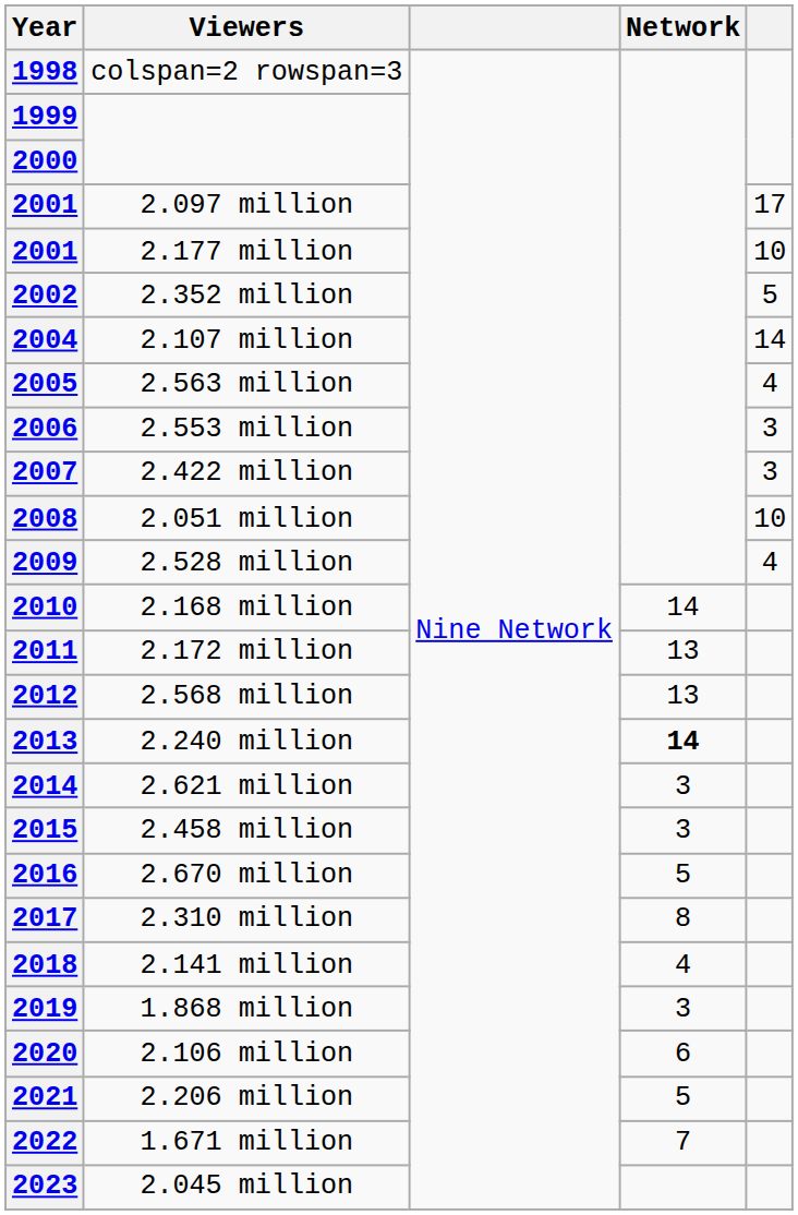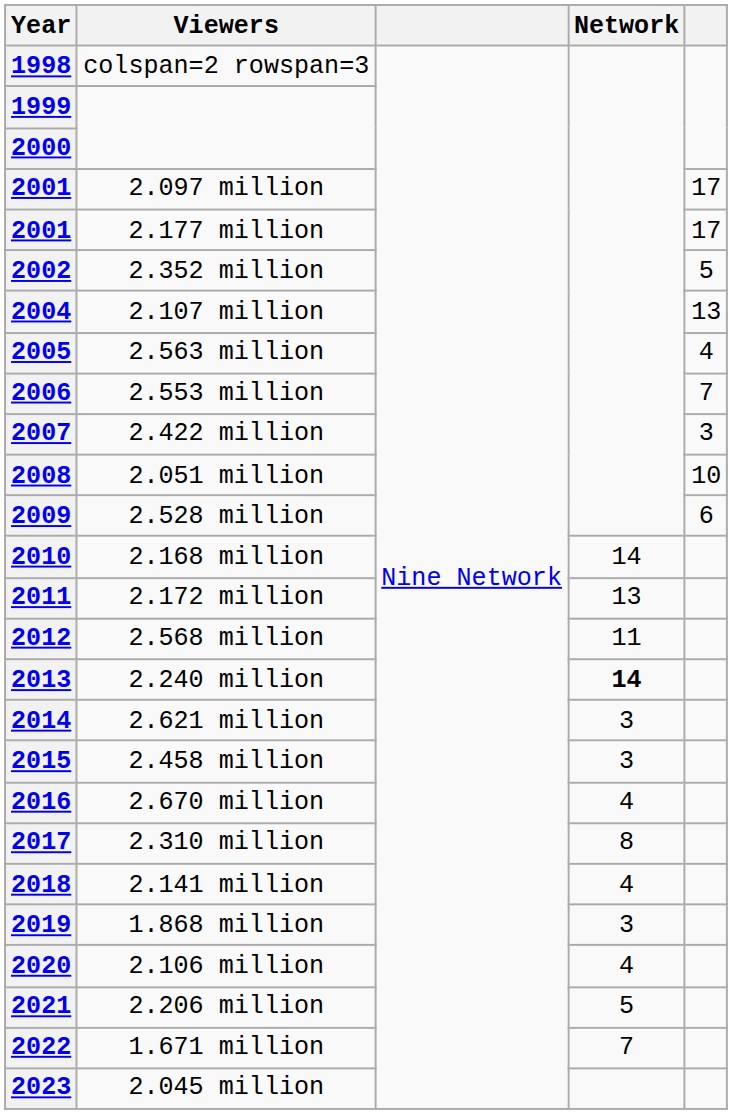 <table class="wikitable plainrowheaders sortable" style="text-align:center; margin:1em;">
 <tr>
 <th scope="col">Year</th>
 <th scope="col">Viewers</th>
 <th scope="col"></th>
 <th scope="col">Network</th>
 <th class="unsortable"></th>
 </tr>
 <tr>
 <th scope="row" style="text-align:center;"><a href='#'>1998</a></th>
 <td>colspan=2 rowspan=3 </td>
 <td rowspan="26"><a href='#'>Nine Network</a></td>
 <td rowspan="12"></td>
 </tr>
 <tr>
 <th scope="row" style="text-align:center;"><a href='#'>1999</a></th>
 </tr>
 <tr>
 <th scope="row" style="text-align:center;"><a href='#'>2000</a></th>
 </tr>
 <tr>
 <th scope="row" style="text-align:center;"><a href='#'>2001</a></th>
 <td>2.097 million</td>
 <td>17</td>
 </tr>
 <tr>
 <th scope="row" style="text-align:center;"><a href='#'>2001</a></th>
 <td>2.177 million</td>
-<td>10</td>
+<td>17</td>
 </tr>
 <tr>
 <th scope="row" style="text-align:center;"><a href='#'>2002</a></th>
 <td>2.352 million</td>
 <td>5</td>
 </tr>
 <tr>
 <th scope="row" style="text-align:center;"><a href='#'>2004</a></th>
 <td>2.107 million</td>
-<td>14</td>
+<td>13</td>
 </tr>
 <tr>
 <th scope="row" style="text-align:center;"><a href='#'>2005</a></th>
 <td>2.563 million</td>
 <td>4</td>
 </tr>
 <tr>
 <th scope="row" style="text-align:center;"><a href='#'>2006</a></th>
 <td>2.553 million</td>
-<td>3</td>
+<td>7</td>
 </tr>
 <tr>
 <th scope="row" style="text-align:center;"><a href='#'>2007</a></th>
 <td>2.422 million</td>
 <td>3</td>
 </tr>
 <tr>
 <th scope="row" style="text-align:center;"><a href='#'>2008</a></th>
 <td>2.051 million</td>
 <td>10</td>
 </tr>
 <tr>
 <th scope="row" style="text-align:center;"><a href='#'>2009</a></th>
 <td>2.528 million</td>
-<td>4</td>
+<td>6</td>
 </tr>
 <tr>
 <th scope="row" style="text-align:center;"><a href='#'>2010</a></th>
 <td>2.168 million</td>
 <td>14</td>
 <td></td>
 </tr>
 <tr>
 <th scope="row" style="text-align:center;"><a href='#'>2011</a></th>
 <td>2.172 million</td>
 <td>13</td>
 <td></td>
 </tr>
 <tr>
 <th scope="row" style="text-align:center;"><a href='#'>2012</a></th>
 <td>2.568 million</td>
-<td>13</td>
+<td>11</td>
 <td></td>
 </tr>
 <tr>
 <th scope="row" style="text-align:center;"><a href='#'>2013</a></th>
 <td>2.240 million</td>
 <td><strong>14</strong></td>
 <td></td>
 </tr>
 <tr>
 <th scope="row" style="text-align:center;"><a href='#'>2014</a></th>
 <td>2.621 million</td>
 <td>3</td>
 <td></td>
 </tr>
 <tr>
 <th scope="row" style="text-align:center;"><a href='#'>2015</a></th>
 <td>2.458 million</td>
 <td>3</td>
 <td></td>
 </tr>
 <tr>
 <th scope="row" style="text-align:center;"><a href='#'>2016</a></th>
 <td>2.670 million</td>
-<td>5</td>
+<td>4</td>
 <td></td>
 </tr>
 <tr>
 <th scope="row" style="text-align:center;"><a href='#'>2017</a></th>
 <td>2.310 million</td>
 <td>8</td>
 <td></td>
 </tr>
 <tr>
 <th scope="row" style="text-align:center;"><a href='#'>2018</a></th>
 <td>2.141 million</td>
 <td>4</td>
 <td></td>
 </tr>
 <tr>
 <th scope="row" style="text-align:center;"><a href='#'>2019</a></th>
 <td>1.868 million</td>
 <td>3</td>
 <td></td>
 </tr>
 <tr>
 <th scope="row" style="text-align:center;"><a href='#'>2020</a></th>
 <td>2.106 million</td>
-<td>6</td>
+<td>4</td>
 <td></td>
 </tr>
 <tr>
 <th scope="row" style="text-align:center;"><a href='#'>2021</a></th>
 <td>2.206 million</td>
 <td>5</td>
 <td></td>
 </tr>
 <tr>
 <th scope="row" style="text-align:center;"><a href='#'>2022</a></th>
 <td>1.671 million</td>
 <td>7</td>
 <td><br></td>
 </tr>
 <tr>
 <th scope="row" style="text-align:center;"><a href='#'>2023</a></th>
 <td>2.045 million</td>
 <td></td>
 <td></td>
 </tr>
 </table>
